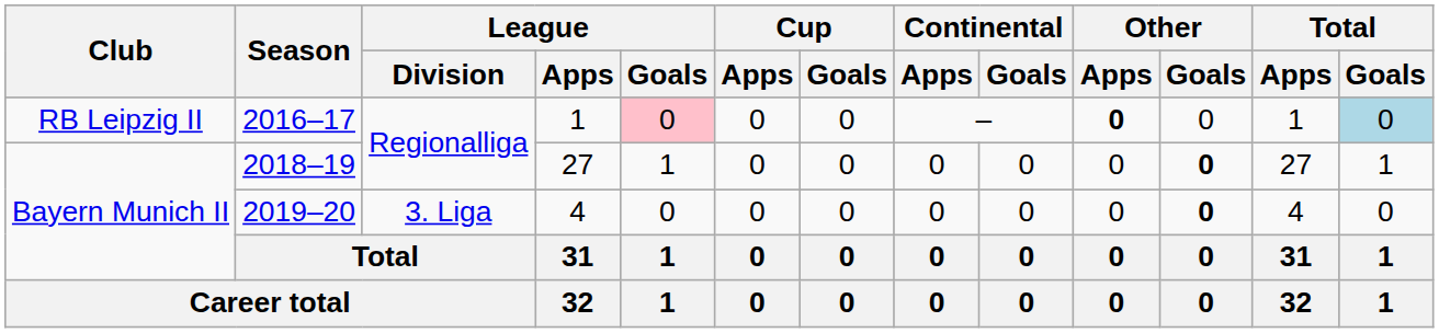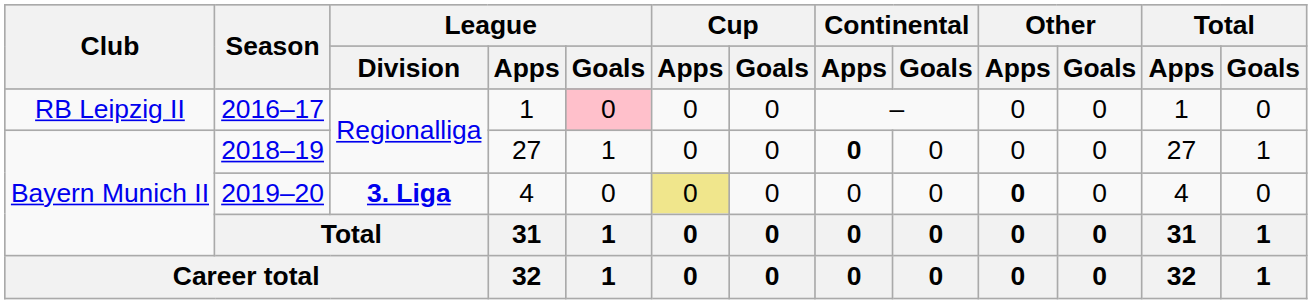 <table class="wikitable" style="text-align:center">
 <tr>
 <th rowspan="2">Club</th>
 <th rowspan="2">Season</th>
 <th colspan="3">League</th>
 <th colspan="2">Cup</th>
 <th colspan="2">Continental</th>
 <th colspan="2">Other</th>
 <th colspan="2">Total</th>
 </tr>
 <tr>
 <th>Division</th>
 <th>Apps</th>
 <th>Goals</th>
 <th>Apps</th>
 <th>Goals</th>
 <th>Apps</th>
 <th>Goals</th>
 <th>Apps</th>
 <th>Goals</th>
 <th>Apps</th>
 <th>Goals</th>
 </tr>
 <tr>
 <td><a href='#'>RB Leipzig II</a></td>
 <td><a href='#'>2016–17</a></td>
 <td rowspan="2"><a href='#'>Regionalliga</a></td>
 <td>1</td>
 <td style="background: pink;">0</td>
 <td>0</td>
 <td>0</td>
 <td colspan="2">–</td>
-<td><strong>0</strong></td>
+<td>0</td>
 <td>0</td>
 <td>1</td>
-<td style="background: lightblue;">0</td>
+<td>0</td>
 </tr>
 <tr>
 <td rowspan="3"><a href='#'>Bayern Munich II</a></td>
 <td><a href='#'>2018–19</a></td>
 <td>27</td>
 <td>1</td>
 <td>0</td>
 <td>0</td>
+<td><strong>0</strong></td>
 <td>0</td>
 <td>0</td>
 <td>0</td>
-<td><strong>0</strong></td>
 <td>27</td>
 <td>1</td>
 </tr>
 <tr>
 <td><a href='#'>2019–20</a></td>
-<td><a href='#'>3. Liga</a></td>
+<td><strong><a href='#'>3. Liga</a></strong></td>
 <td>4</td>
 <td>0</td>
-<td>0</td>
-<td>0</td>
+<td style="background: khaki;">0</td>
 <td>0</td>
 <td>0</td>
 <td>0</td>
 <td><strong>0</strong></td>
+<td>0</td>
 <td>4</td>
 <td>0</td>
 </tr>
 <tr>
 <th colspan="2">Total</th>
 <th>31</th>
 <th>1</th>
 <th>0</th>
 <th>0</th>
 <th>0</th>
 <th>0</th>
 <th>0</th>
 <th>0</th>
 <th>31</th>
 <th>1</th>
 </tr>
 <tr>
 <th colspan="3">Career total</th>
 <th>32</th>
 <th>1</th>
 <th>0</th>
 <th>0</th>
 <th>0</th>
 <th>0</th>
 <th>0</th>
 <th>0</th>
 <th>32</th>
 <th>1</th>
 </tr>
 </table>
